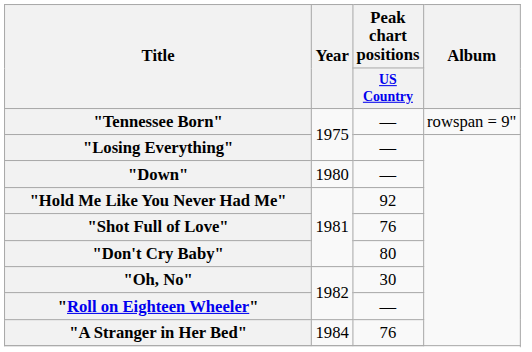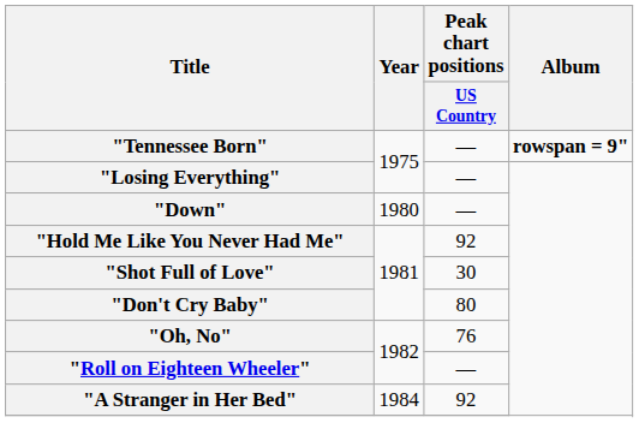 <table class="wikitable plainrowheaders" style="text-align:center;">
 <tr>
 <th rowspan="2" style="width:18em;">Title</th>
 <th rowspan="2">Year</th>
 <th colspan="1">Peak chart<br>positions</th>
 <th rowspan="2">Album</th>
 </tr>
 <tr style="font-size:smaller;">
 <th width="45"><a href='#'>US Country</a><br></th>
 </tr>
 <tr>
 <th scope="row">"Tennessee Born"</th>
 <td rowspan = "2">1975</td>
 <td>—</td>
-<td>rowspan = 9" </td>
+<td><strong>rowspan = 9" </strong></td>
 </tr>
 <tr>
 <th scope="row">"Losing Everything"</th>
 <td>—</td>
 </tr>
 <tr>
 <th scope="row">"Down"</th>
 <td>1980</td>
 <td>—</td>
 </tr>
 <tr>
 <th scope="row">"Hold Me Like You Never Had Me"</th>
 <td rowspan=3>1981</td>
 <td>92</td>
 </tr>
 <tr>
 <th scope="row">"Shot Full of Love"</th>
-<td>76</td>
+<td>30</td>
 </tr>
 <tr>
 <th scope="row">"Don't Cry Baby"</th>
 <td>80</td>
 </tr>
 <tr>
 <th scope="row">"Oh, No"</th>
 <td rowspan = "2">1982</td>
-<td>30</td>
+<td>76</td>
 </tr>
 <tr>
 <th scope="row">"<a href='#'>Roll on Eighteen Wheeler</a>"</th>
 <td>—</td>
 </tr>
 <tr>
 <th scope="row">"A Stranger in Her Bed"</th>
 <td>1984</td>
-<td>76</td>
+<td>92</td>
 </tr>
 <tr>
 </tr>
 </table>
